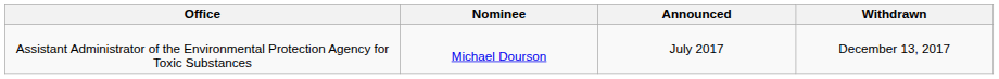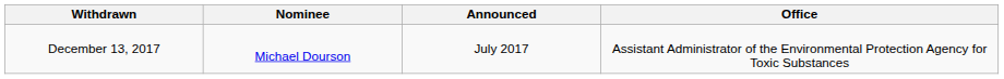 <table class="wikitable sortable" style="text-align:center">
 <tr>
-<th style="width:40%;">Office</th>
+<th style="width:20%;">Withdrawn</th>
 <th style="width:20%;">Nominee</th>
 <th style="width:20%;">Announced</th>
-<th style="width:20%;">Withdrawn</th>
+<th style="width:40%;">Office</th>
 </tr>
 <tr>
-<td><br>Assistant Administrator of the Environmental Protection Agency for Toxic Substances</td>
+<td>December 13, 2017</td>
 <td><br><a href='#'>Michael Dourson</a></td>
 <td>July 2017</td>
-<td>December 13, 2017</td>
+<td><br>Assistant Administrator of the Environmental Protection Agency for Toxic Substances</td>
 </tr>
 </table>
